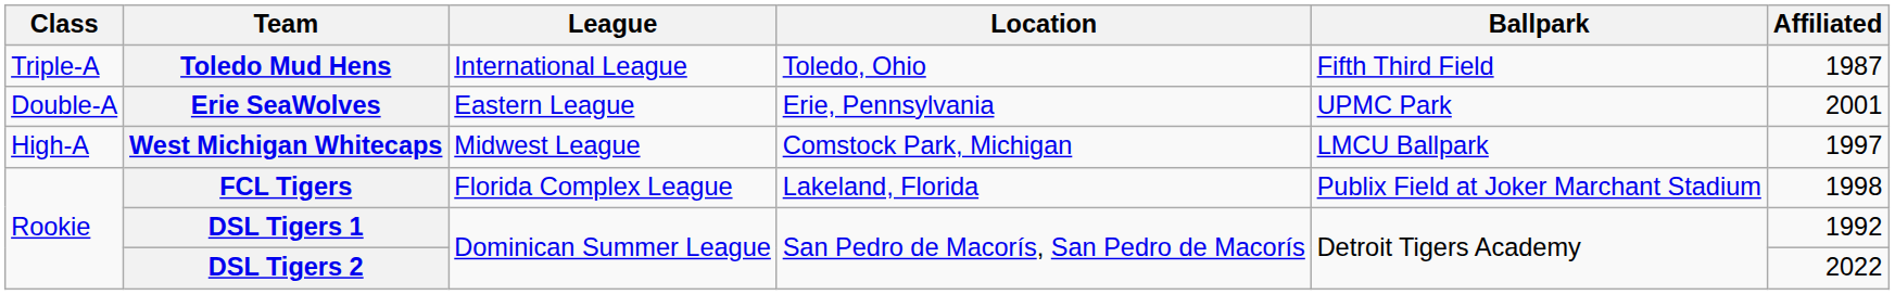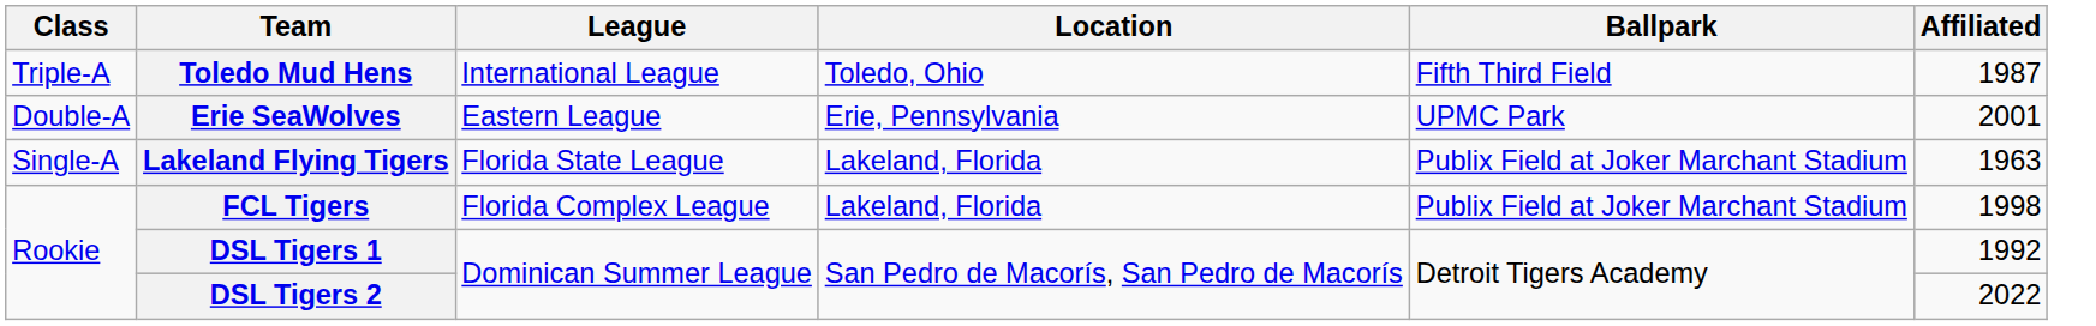 <table class="wikitable plainrowheaders sortable">
 <tr>
 <th scope="col">Class</th>
 <th scope="col">Team</th>
 <th scope="col">League</th>
 <th scope="col">Location</th>
 <th scope="col">Ballpark</th>
 <th scope="col">Affiliated</th>
 </tr>
 <tr>
 <td><a href='#'>Triple-A</a></td>
 <th scope="row"><a href='#'>Toledo Mud Hens</a></th>
 <td><a href='#'>International League</a></td>
 <td><a href='#'>Toledo, Ohio</a></td>
 <td><a href='#'>Fifth Third Field</a></td>
 <td align="right">1987</td>
 </tr>
 <tr>
 <td><a href='#'>Double-A</a></td>
 <th scope="row"><a href='#'>Erie SeaWolves</a></th>
 <td><a href='#'>Eastern League</a></td>
 <td><a href='#'>Erie, Pennsylvania</a></td>
 <td><a href='#'>UPMC Park</a></td>
 <td align="right">2001</td>
 </tr>
 <tr>
-<td><a href='#'>High-A</a></td>
-<th scope="row"><a href='#'>West Michigan Whitecaps</a></th>
-<td><a href='#'>Midwest League</a></td>
-<td><a href='#'>Comstock Park, Michigan</a></td>
-<td><a href='#'>LMCU Ballpark</a></td>
-<td align="right">1997</td>
+<td><a href='#'>Single-A</a></td>
+<th scope="row"><a href='#'>Lakeland Flying Tigers</a></th>
+<td><a href='#'>Florida State League</a></td>
+<td><a href='#'>Lakeland, Florida</a></td>
+<td><a href='#'>Publix Field at Joker Marchant Stadium</a></td>
+<td align="right">1963</td>
 </tr>
 <tr>
 <td rowspan=3><a href='#'>Rookie</a></td>
 <th scope="row"><a href='#'>FCL Tigers</a></th>
 <td><a href='#'>Florida Complex League</a></td>
 <td><a href='#'>Lakeland, Florida</a></td>
 <td><a href='#'>Publix Field at Joker Marchant Stadium</a></td>
 <td align="right">1998</td>
 </tr>
 <tr>
 <th scope="row"><a href='#'>DSL Tigers 1</a></th>
 <td rowspan=2><a href='#'>Dominican Summer League</a></td>
 <td rowspan=2><a href='#'>San Pedro de Macorís</a>, <a href='#'>San Pedro de Macorís</a></td>
 <td rowspan=2>Detroit Tigers Academy</td>
 <td align="right">1992</td>
 </tr>
 <tr>
 <th scope="row"><a href='#'>DSL Tigers 2</a></th>
 <td align="right">2022</td>
 </tr>
 </table>
